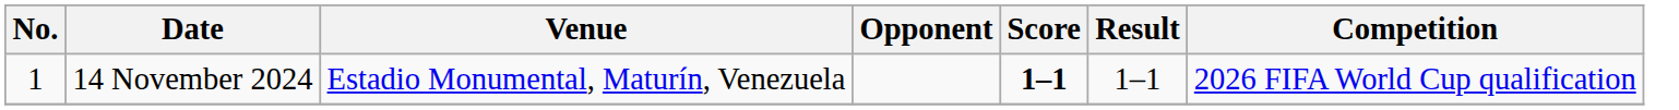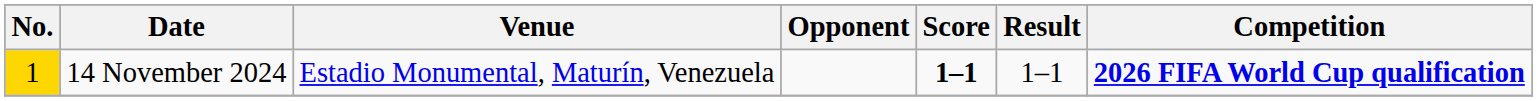 <table class="wikitable sortable">
 <tr>
 <th scope="col">No.</th>
 <th scope="col">Date</th>
 <th scope="col">Venue</th>
 <th scope="col">Opponent</th>
 <th scope="col">Score</th>
 <th scope="col">Result</th>
 <th scope="col">Competition</th>
 </tr>
 <tr>
-<td align="center">1</td>
+<td align="center" style="background: gold;">1</td>
 <td>14 November 2024</td>
 <td><a href='#'>Estadio Monumental</a>, <a href='#'>Maturín</a>, Venezuela</td>
 <td></td>
 <td align="center"><strong>1–1</strong></td>
 <td align="center">1–1</td>
-<td><a href='#'>2026 FIFA World Cup qualification</a></td>
+<td><strong><a href='#'>2026 FIFA World Cup qualification</a></strong></td>
 </tr>
 <tr>
 </tr>
 </table>
